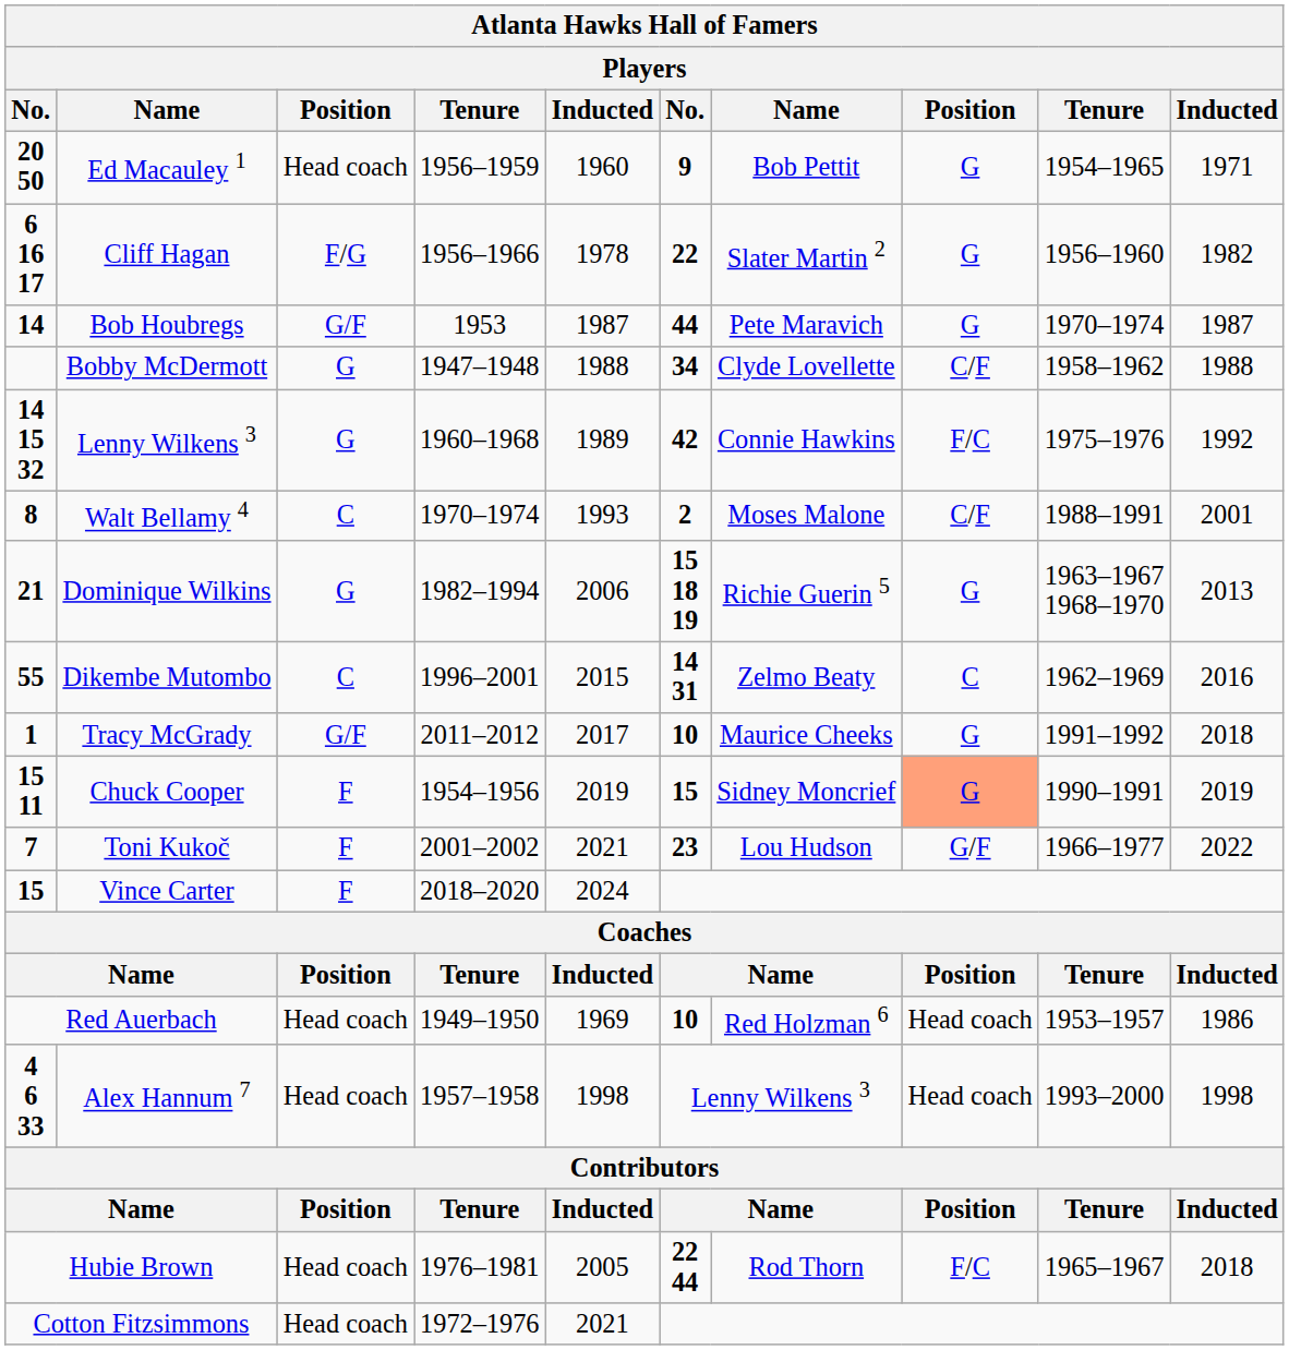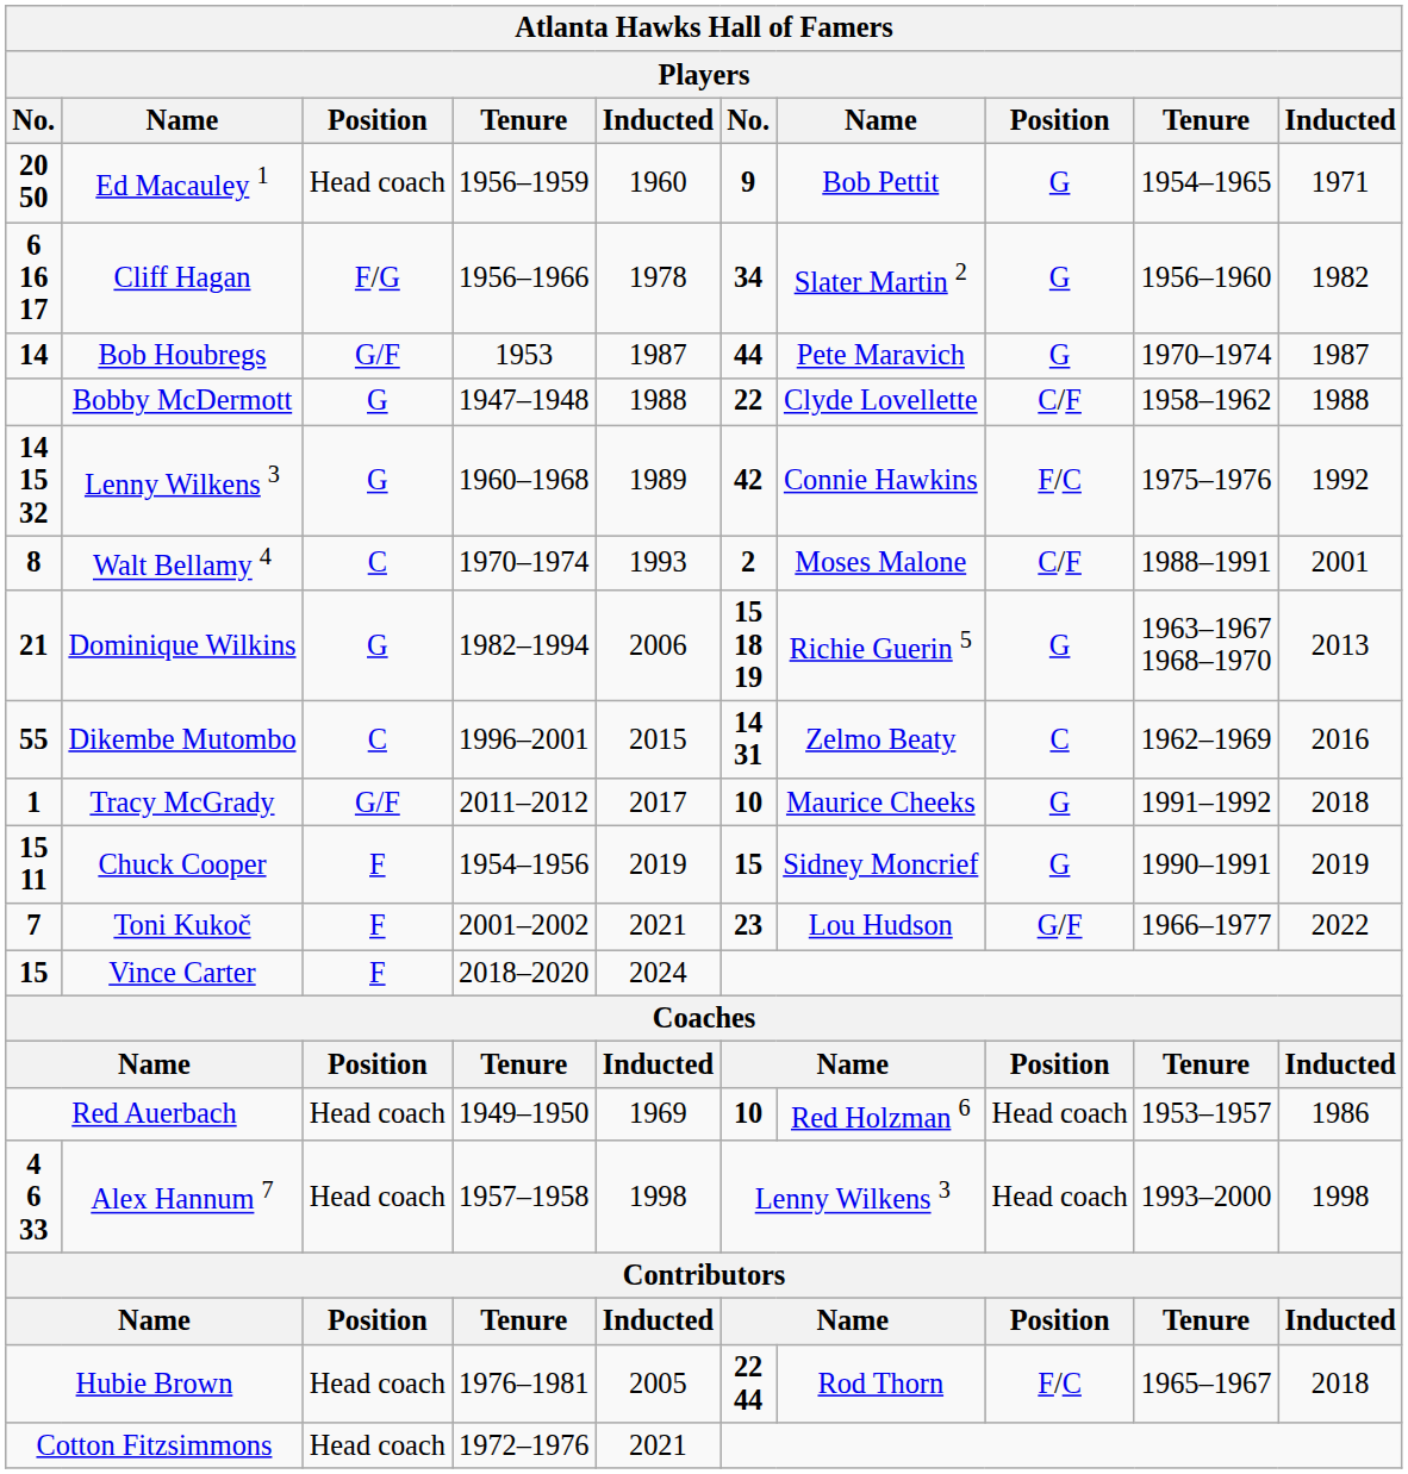 <table class="wikitable" style="text-align:center">
 <tr>
 <th colspan="10">Atlanta Hawks Hall of Famers</th>
 </tr>
 <tr>
 <th colspan="10">Players</th>
 </tr>
 <tr>
 <th>No.</th>
 <th>Name</th>
 <th>Position</th>
 <th>Tenure</th>
 <th>Inducted</th>
 <th>No.</th>
 <th>Name</th>
 <th>Position</th>
 <th>Tenure</th>
 <th>Inducted</th>
 </tr>
 <tr>
 <td><strong>20</strong><br><strong>50</strong></td>
 <td><a href='#'>Ed Macauley</a> <sup>1</sup></td>
 <td>Head coach</td>
 <td>1956–1959</td>
 <td>1960</td>
 <td><strong>9</strong></td>
 <td><a href='#'>Bob Pettit</a></td>
 <td><a href='#'>G</a></td>
 <td>1954–1965</td>
 <td>1971</td>
 </tr>
 <tr>
 <td><strong>6</strong><br><strong>16</strong><br><strong>17</strong></td>
 <td><a href='#'>Cliff Hagan</a></td>
 <td><a href='#'>F</a>/<a href='#'>G</a></td>
 <td>1956–1966</td>
 <td>1978</td>
-<td><strong>22</strong></td>
+<td><strong>34</strong></td>
 <td><a href='#'>Slater Martin</a> <sup>2</sup></td>
 <td><a href='#'>G</a></td>
 <td>1956–1960</td>
 <td>1982</td>
 </tr>
 <tr>
 <td><strong>14</strong></td>
 <td><a href='#'>Bob Houbregs</a></td>
 <td><a href='#'>G/F</a></td>
 <td>1953</td>
 <td>1987</td>
 <td><strong>44</strong></td>
 <td><a href='#'>Pete Maravich</a></td>
 <td><a href='#'>G</a></td>
 <td>1970–1974</td>
 <td>1987</td>
 </tr>
 <tr>
 <td><strong> </strong></td>
 <td><a href='#'>Bobby McDermott</a></td>
 <td><a href='#'>G</a></td>
 <td>1947–1948</td>
 <td>1988</td>
-<td><strong>34</strong></td>
+<td><strong>22</strong></td>
 <td><a href='#'>Clyde Lovellette</a></td>
 <td><a href='#'>C</a>/<a href='#'>F</a></td>
 <td>1958–1962</td>
 <td>1988</td>
 </tr>
 <tr>
 <td><strong>14</strong><br><strong>15</strong><br><strong>32</strong></td>
 <td><a href='#'>Lenny Wilkens</a> <sup>3</sup></td>
 <td><a href='#'>G</a></td>
 <td>1960–1968</td>
 <td>1989</td>
 <td><strong>42</strong></td>
 <td><a href='#'>Connie Hawkins</a></td>
 <td><a href='#'>F</a>/<a href='#'>C</a></td>
 <td>1975–1976</td>
 <td>1992</td>
 </tr>
 <tr>
 <td><strong>8</strong></td>
 <td><a href='#'>Walt Bellamy</a> <sup>4</sup></td>
 <td><a href='#'>C</a></td>
 <td>1970–1974</td>
 <td>1993</td>
 <td><strong>2</strong></td>
 <td><a href='#'>Moses Malone</a></td>
 <td><a href='#'>C</a>/<a href='#'>F</a></td>
 <td>1988–1991</td>
 <td>2001</td>
 </tr>
 <tr>
 <td><strong>21</strong></td>
 <td><a href='#'>Dominique Wilkins</a></td>
 <td><a href='#'>G</a></td>
 <td>1982–1994</td>
 <td>2006</td>
 <td><strong>15</strong><br><strong>18</strong><br><strong>19</strong></td>
 <td><a href='#'>Richie Guerin</a> <sup>5</sup></td>
 <td><a href='#'>G</a></td>
 <td>1963–1967<br>1968–1970</td>
 <td>2013</td>
 </tr>
 <tr>
 <td><strong>55</strong></td>
 <td><a href='#'>Dikembe Mutombo</a></td>
 <td><a href='#'>C</a></td>
 <td>1996–2001</td>
 <td>2015</td>
 <td><strong>14</strong><br><strong>31</strong></td>
 <td><a href='#'>Zelmo Beaty</a></td>
 <td><a href='#'>C</a></td>
 <td>1962–1969</td>
 <td>2016</td>
 </tr>
 <tr>
 <td><strong>1</strong></td>
 <td><a href='#'>Tracy McGrady</a></td>
 <td><a href='#'>G/F</a></td>
 <td>2011–2012</td>
 <td>2017</td>
 <td><strong>10</strong></td>
 <td><a href='#'>Maurice Cheeks</a></td>
 <td><a href='#'>G</a></td>
 <td>1991–1992</td>
 <td>2018</td>
 </tr>
 <tr>
 <td><strong>15</strong><br><strong>11</strong></td>
 <td><a href='#'>Chuck Cooper</a></td>
 <td><a href='#'>F</a></td>
 <td>1954–1956</td>
 <td>2019</td>
 <td><strong>15</strong></td>
 <td><a href='#'>Sidney Moncrief</a></td>
-<td style="background: lightsalmon;"><a href='#'>G</a></td>
+<td><a href='#'>G</a></td>
 <td>1990–1991</td>
 <td>2019</td>
 </tr>
 <tr>
 <td><strong>7</strong></td>
 <td><a href='#'>Toni Kukoč</a></td>
 <td><a href='#'>F</a></td>
 <td>2001–2002</td>
 <td>2021</td>
 <td><strong>23</strong></td>
 <td><a href='#'>Lou Hudson</a></td>
 <td><a href='#'>G</a>/<a href='#'>F</a></td>
 <td>1966–1977</td>
 <td>2022</td>
 </tr>
 <tr>
 <td><strong>15</strong></td>
 <td><a href='#'>Vince Carter</a></td>
 <td><a href='#'>F</a></td>
 <td>2018–2020</td>
 <td>2024</td>
 </tr>
 <tr>
 <th colspan="10">Coaches</th>
 </tr>
 <tr>
 <th colspan="2">Name</th>
 <th>Position</th>
 <th>Tenure</th>
 <th>Inducted</th>
 <th colspan="2">Name</th>
 <th>Position</th>
 <th>Tenure</th>
 <th>Inducted</th>
 </tr>
 <tr>
 <td colspan="2"><a href='#'>Red Auerbach</a></td>
 <td>Head coach</td>
 <td>1949–1950</td>
 <td>1969</td>
 <td><strong>10</strong></td>
 <td><a href='#'>Red Holzman</a> <sup>6</sup></td>
 <td>Head coach</td>
 <td>1953–1957</td>
 <td>1986</td>
 </tr>
 <tr>
 <td><strong>4</strong><br><strong>6</strong><br><strong>33</strong></td>
 <td><a href='#'>Alex Hannum</a> <sup>7</sup></td>
 <td>Head coach</td>
 <td>1957–1958</td>
 <td>1998</td>
 <td colspan="2"><a href='#'>Lenny Wilkens</a> <sup>3</sup></td>
 <td>Head coach</td>
 <td>1993–2000</td>
 <td>1998</td>
 </tr>
 <tr>
 <th colspan="10">Contributors</th>
 </tr>
 <tr>
 <th colspan="2">Name</th>
 <th>Position</th>
 <th>Tenure</th>
 <th>Inducted</th>
 <th colspan="2">Name</th>
 <th>Position</th>
 <th>Tenure</th>
 <th>Inducted</th>
 </tr>
 <tr>
 <td colspan="2"><a href='#'>Hubie Brown</a></td>
 <td>Head coach</td>
 <td>1976–1981</td>
 <td>2005</td>
 <td><strong>22</strong><br><strong>44</strong></td>
 <td><a href='#'>Rod Thorn</a></td>
 <td><a href='#'>F</a>/<a href='#'>C</a></td>
 <td>1965–1967</td>
 <td>2018</td>
 </tr>
 <tr>
 <td colspan="2"><a href='#'>Cotton Fitzsimmons</a></td>
 <td>Head coach</td>
 <td>1972–1976</td>
 <td>2021</td>
 </tr>
 </table>
